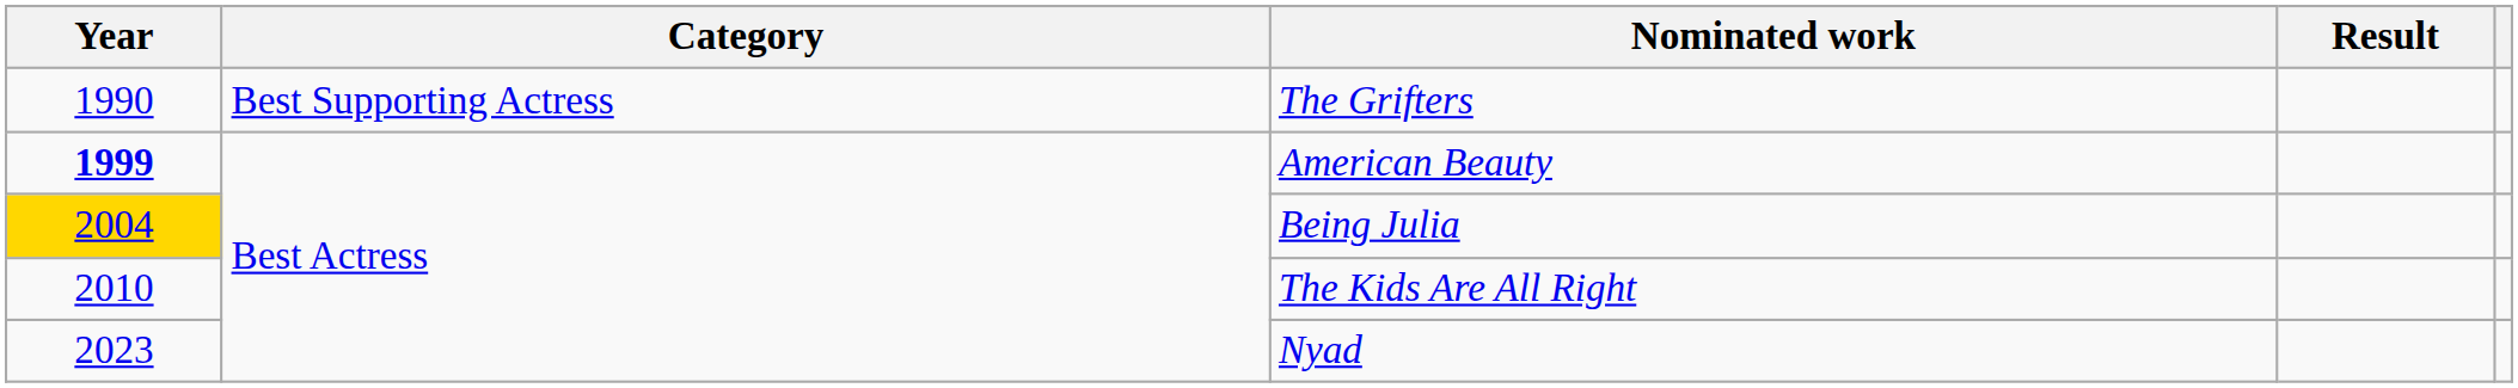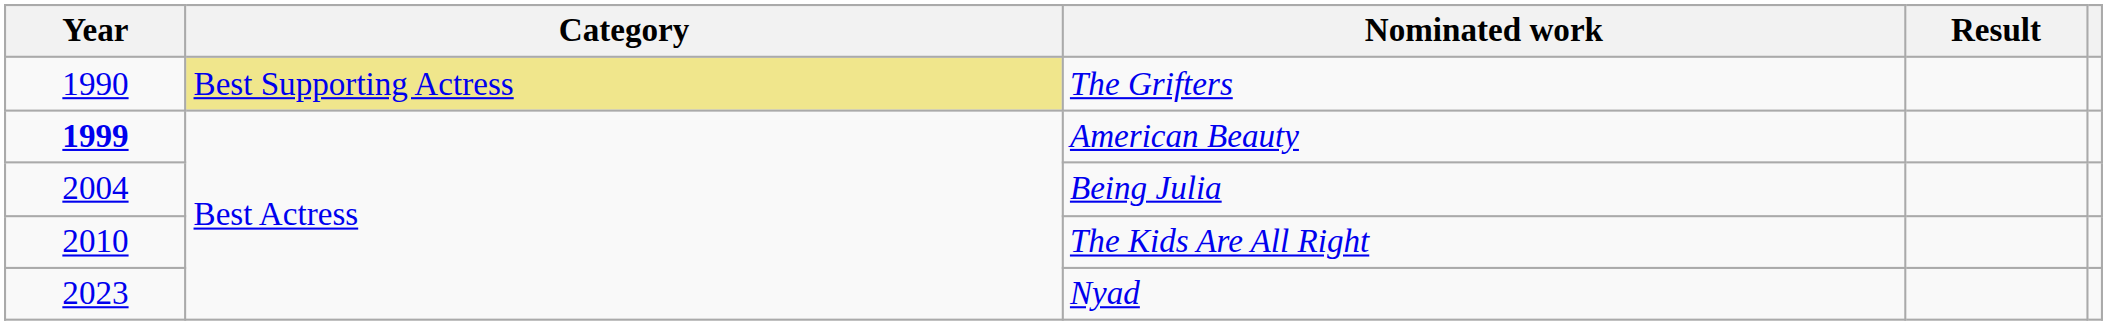 <table class=wikitable>
 <tr>
 <th scope="col" style="width:5em;">Year</th>
 <th scope="col" style="width:26em;">Category</th>
 <th scope="col" style="width:25em;">Nominated work</th>
 <th scope="col" style="width:5em;">Result</th>
 <th></th>
 </tr>
 <tr>
 <td style="text-align:center;"><a href='#'>1990</a></td>
-<td><a href='#'>Best Supporting Actress</a></td>
+<td style="background: khaki;"><a href='#'>Best Supporting Actress</a></td>
 <td><em><a href='#'>The Grifters</a></em></td>
 <td></td>
 <td style="text-align:center;"></td>
 </tr>
 <tr>
 <td style="text-align:center;"><strong><a href='#'>1999</a></strong></td>
 <td rowspan="4"><a href='#'>Best Actress</a></td>
 <td><em><a href='#'>American Beauty</a></em></td>
 <td></td>
 <td style="text-align:center;"></td>
 </tr>
 <tr>
-<td style="background: gold; text-align:center;"><a href='#'>2004</a></td>
+<td style="text-align:center;"><a href='#'>2004</a></td>
 <td><em><a href='#'>Being Julia</a></em></td>
 <td></td>
 <td style="text-align:center;"></td>
 </tr>
 <tr>
 <td style="text-align:center;"><a href='#'>2010</a></td>
 <td><em><a href='#'>The Kids Are All Right</a></em></td>
 <td></td>
 <td style="text-align:center;"></td>
 </tr>
 <tr>
 <td style="text-align:center;"><a href='#'>2023</a></td>
 <td><em><a href='#'>Nyad</a></em></td>
 <td></td>
 <td style="text-align:center;"></td>
 </tr>
 </table>
